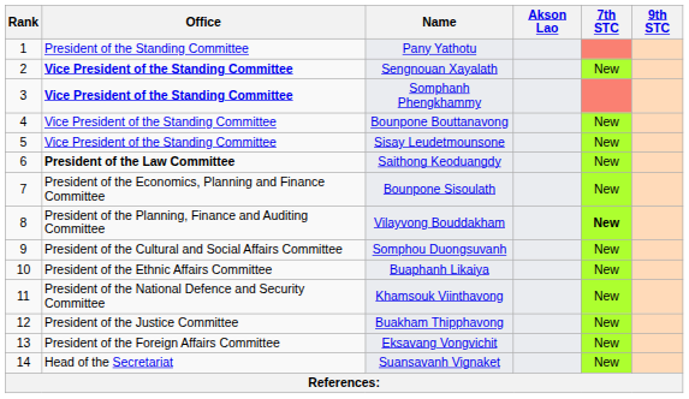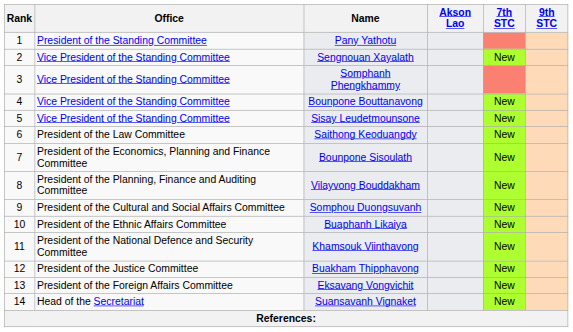 <table class="wikitable sortable" style=text-align:center>
 <tr>
 <th>Rank</th>
 <th>Office</th>
 <th>Name</th>
 <th class="unsortable"><a href='#'>Akson Lao</a></th>
 <th><a href='#'>7th STC</a></th>
 <th><a href='#'>9th STC</a></th>
 </tr>
 <tr>
 <td>1</td>
 <td align="left"><a href='#'>President of the Standing Committee</a></td>
 <td bgcolor = #EAECF0><a href='#'>Pany Yathotu</a></td>
 <td bgcolor = #EAECF0></td>
 <td bgcolor = Salmon></td>
 <td bgcolor = PeachPuff></td>
 </tr>
 <tr>
 <td>2</td>
-<td align="left"><strong><a href='#'>Vice President of the Standing Committee</a></strong></td>
+<td align="left"><a href='#'>Vice President of the Standing Committee</a></td>
 <td bgcolor = #EAECF0><a href='#'>Sengnouan Xayalath</a></td>
 <td bgcolor = #EAECF0></td>
 <td bgcolor = GreenYellow>New</td>
 <td bgcolor = PeachPuff></td>
 </tr>
 <tr>
 <td>3</td>
-<td align="left"><strong><a href='#'>Vice President of the Standing Committee</a></strong></td>
+<td align="left"><a href='#'>Vice President of the Standing Committee</a></td>
 <td bgcolor = #EAECF0><a href='#'>Somphanh Phengkhammy</a></td>
 <td bgcolor = #EAECF0></td>
 <td bgcolor = Salmon></td>
 <td bgcolor = PeachPuff></td>
 </tr>
 <tr>
 <td>4</td>
 <td align="left"><a href='#'>Vice President of the Standing Committee</a></td>
 <td bgcolor = #EAECF0><a href='#'>Bounpone Bouttanavong</a></td>
 <td bgcolor = #EAECF0></td>
 <td bgcolor = GreenYellow>New</td>
 <td bgcolor = PeachPuff></td>
 </tr>
 <tr>
 <td>5</td>
 <td align="left"><a href='#'>Vice President of the Standing Committee</a></td>
 <td bgcolor = #EAECF0><a href='#'>Sisay Leudetmounsone</a></td>
 <td bgcolor = #EAECF0></td>
 <td bgcolor = GreenYellow>New</td>
 <td bgcolor = PeachPuff></td>
 </tr>
 <tr>
 <td>6</td>
-<td align="left"><strong>President of the Law Committee</strong></td>
+<td align="left">President of the Law Committee</td>
 <td bgcolor = #EAECF0><a href='#'>Saithong Keoduangdy</a></td>
 <td bgcolor = #EAECF0></td>
 <td bgcolor = GreenYellow>New</td>
 <td bgcolor = PeachPuff></td>
 </tr>
 <tr>
 <td>7</td>
 <td align="left">President of the Economics, Planning and Finance Committee</td>
 <td bgcolor = #EAECF0><a href='#'>Bounpone Sisoulath</a></td>
 <td bgcolor = #EAECF0></td>
 <td bgcolor = GreenYellow>New</td>
 <td bgcolor = PeachPuff></td>
 </tr>
 <tr>
 <td>8</td>
 <td align="left">President of the Planning, Finance and Auditing Committee</td>
 <td bgcolor = #EAECF0><a href='#'>Vilayvong Bouddakham</a></td>
 <td bgcolor = #EAECF0></td>
-<td bgcolor = GreenYellow><strong>New</strong></td>
+<td bgcolor = GreenYellow>New</td>
 <td bgcolor = PeachPuff></td>
 </tr>
 <tr>
 <td>9</td>
 <td align="left">President of the Cultural and Social Affairs Committee</td>
 <td bgcolor = #EAECF0><a href='#'>Somphou Duongsuvanh</a></td>
 <td bgcolor = #EAECF0></td>
 <td bgcolor = GreenYellow>New</td>
 <td bgcolor = PeachPuff></td>
 </tr>
 <tr>
 <td>10</td>
 <td align="left">President of the Ethnic Affairs Committee</td>
 <td bgcolor = #EAECF0><a href='#'>Buaphanh Likaiya</a></td>
 <td bgcolor = #EAECF0></td>
 <td bgcolor = GreenYellow>New</td>
 <td bgcolor = PeachPuff></td>
 </tr>
 <tr>
 <td>11</td>
 <td align="left">President of the National Defence and Security Committee</td>
 <td bgcolor = #EAECF0><a href='#'>Khamsouk Viinthavong</a></td>
 <td bgcolor = #EAECF0></td>
 <td bgcolor = GreenYellow>New</td>
 <td bgcolor = PeachPuff></td>
 </tr>
 <tr>
 <td>12</td>
 <td align="left">President of the Justice Committee</td>
 <td bgcolor = #EAECF0><a href='#'>Buakham Thipphavong</a></td>
 <td bgcolor = #EAECF0></td>
 <td bgcolor = GreenYellow>New</td>
 <td bgcolor = PeachPuff></td>
 </tr>
 <tr>
 <td>13</td>
 <td align="left">President of the Foreign Affairs Committee</td>
 <td bgcolor = #EAECF0><a href='#'>Eksavang Vongvichit</a></td>
 <td bgcolor = #EAECF0></td>
 <td bgcolor = GreenYellow>New</td>
 <td bgcolor = PeachPuff></td>
 </tr>
 <tr>
 <td>14</td>
 <td align="left">Head of the <a href='#'>Secretariat</a></td>
 <td bgcolor = #EAECF0><a href='#'>Suansavanh Vignaket</a></td>
 <td bgcolor = #EAECF0></td>
 <td bgcolor = GreenYellow>New</td>
 <td bgcolor = PeachPuff></td>
 </tr>
 <tr class=sortbottom>
 <th colspan = "6" align = left><strong>References:</strong><br></th>
 </tr>
 </table>
